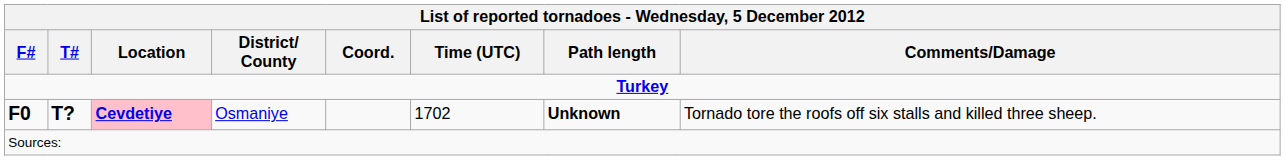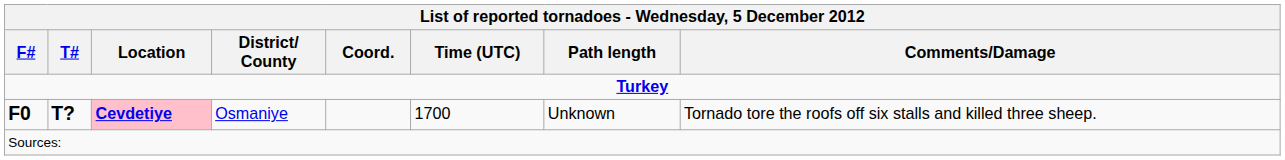 <table class="wikitable collapsible" width="100%">
 <tr>
 <th colspan="8">List of reported tornadoes - Wednesday, 5 December 2012</th>
 </tr>
 <tr>
 <th><a href='#'>F#</a></th>
 <th><a href='#'>T#</a></th>
 <th>Location</th>
 <th>District/<br>County</th>
 <th>Coord.</th>
 <th>Time (UTC)</th>
 <th>Path length</th>
 <th>Comments/Damage</th>
 </tr>
 <tr>
 <td colspan="8" align=center><strong><a href='#'>Turkey</a></strong></td>
 </tr>
 <tr>
 <td><big><strong>F0</strong></big></td>
 <td><big><strong>T?</strong></big></td>
 <td style="background: pink;"><strong><a href='#'>Cevdetiye</a></strong></td>
 <td><a href='#'>Osmaniye</a></td>
 <td></td>
-<td>1702</td>
-<td><strong>Unknown</strong></td>
+<td>1700</td>
+<td>Unknown</td>
 <td>Tornado tore the roofs off six stalls and killed three sheep.</td>
 </tr>
 <tr>
 <td colspan="8"><small>Sources:  </small></td>
 </tr>
 </table>
